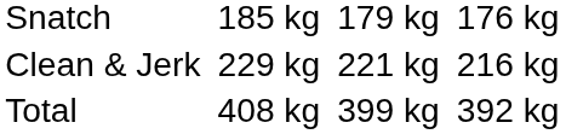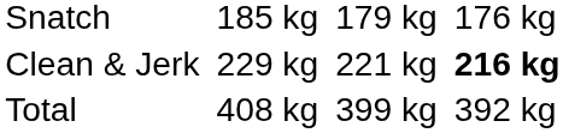 <table>
 <tr>
 <td>Snatch</td>
 <td></td>
 <td>185 kg</td>
 <td></td>
 <td>179 kg</td>
 <td></td>
 <td>176 kg</td>
 </tr>
 <tr>
 <td>Clean & Jerk</td>
 <td></td>
 <td>229 kg</td>
 <td></td>
 <td>221 kg</td>
 <td></td>
-<td>216 kg</td>
+<td><strong>216 kg</strong></td>
 </tr>
 <tr>
 <td>Total</td>
 <td></td>
 <td>408 kg</td>
 <td></td>
 <td>399 kg</td>
 <td></td>
 <td>392 kg</td>
 </tr>
 </table>
